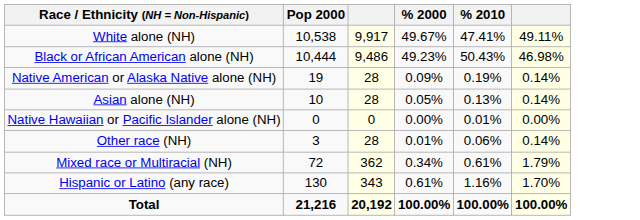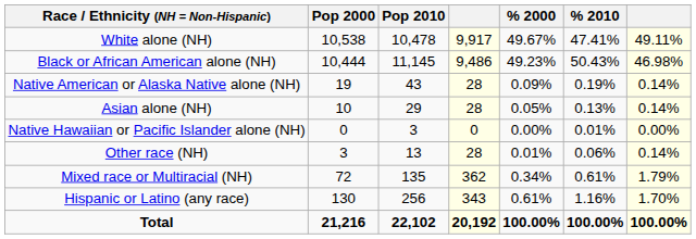 <table class="wikitable" style="text-align:center;">
 <tr>
 <th>Race / Ethnicity <small>(<em>NH = Non-Hispanic</em>)</small></th>
 <th>Pop 2000</th>
+<th>Pop 2010</th>
 <th></th>
 <th>% 2000</th>
 <th>% 2010</th>
 <th></th>
 </tr>
 <tr>
 <td><a href='#'>White</a> alone (NH)</td>
 <td>10,538</td>
+<td>10,478</td>
 <td style='background: #ffffe6;'>9,917</td>
 <td>49.67%</td>
 <td>47.41%</td>
 <td style='background: #ffffe6;'>49.11%</td>
 </tr>
 <tr>
 <td><a href='#'>Black or African American</a> alone (NH)</td>
 <td>10,444</td>
+<td>11,145</td>
 <td style='background: #ffffe6;'>9,486</td>
 <td>49.23%</td>
 <td>50.43%</td>
 <td style='background: #ffffe6;'>46.98%</td>
 </tr>
 <tr>
 <td><a href='#'>Native American</a> or <a href='#'>Alaska Native</a> alone (NH)</td>
 <td>19</td>
+<td>43</td>
 <td style='background: #ffffe6;'>28</td>
 <td>0.09%</td>
 <td>0.19%</td>
 <td style='background: #ffffe6;'>0.14%</td>
 </tr>
 <tr>
 <td><a href='#'>Asian</a> alone (NH)</td>
 <td>10</td>
+<td>29</td>
 <td style='background: #ffffe6;'>28</td>
 <td>0.05%</td>
 <td>0.13%</td>
 <td style='background: #ffffe6;'>0.14%</td>
 </tr>
 <tr>
 <td><a href='#'>Native Hawaiian</a> or <a href='#'>Pacific Islander</a> alone (NH)</td>
 <td>0</td>
+<td>3</td>
 <td style='background: #ffffe6;'>0</td>
 <td>0.00%</td>
 <td>0.01%</td>
 <td style='background: #ffffe6;'>0.00%</td>
 </tr>
 <tr>
 <td><a href='#'>Other race</a> (NH)</td>
 <td>3</td>
+<td>13</td>
 <td style='background: #ffffe6;'>28</td>
 <td>0.01%</td>
 <td>0.06%</td>
 <td style='background: #ffffe6;'>0.14%</td>
 </tr>
 <tr>
 <td><a href='#'>Mixed race or Multiracial</a> (NH)</td>
 <td>72</td>
+<td>135</td>
 <td style='background: #ffffe6;'>362</td>
 <td>0.34%</td>
 <td>0.61%</td>
 <td style='background: #ffffe6;'>1.79%</td>
 </tr>
 <tr>
 <td><a href='#'>Hispanic or Latino</a> (any race)</td>
 <td>130</td>
+<td>256</td>
 <td style='background: #ffffe6;'>343</td>
 <td>0.61%</td>
 <td>1.16%</td>
 <td style='background: #ffffe6;'>1.70%</td>
 </tr>
 <tr>
 <td><strong>Total</strong></td>
 <td><strong>21,216</strong></td>
+<td><strong>22,102</strong></td>
 <td style='background: #ffffe6;'><strong>20,192</strong></td>
 <td><strong>100.00%</strong></td>
 <td><strong>100.00%</strong></td>
 <td style='background: #ffffe6;'><strong>100.00%</strong></td>
 </tr>
 </table>
